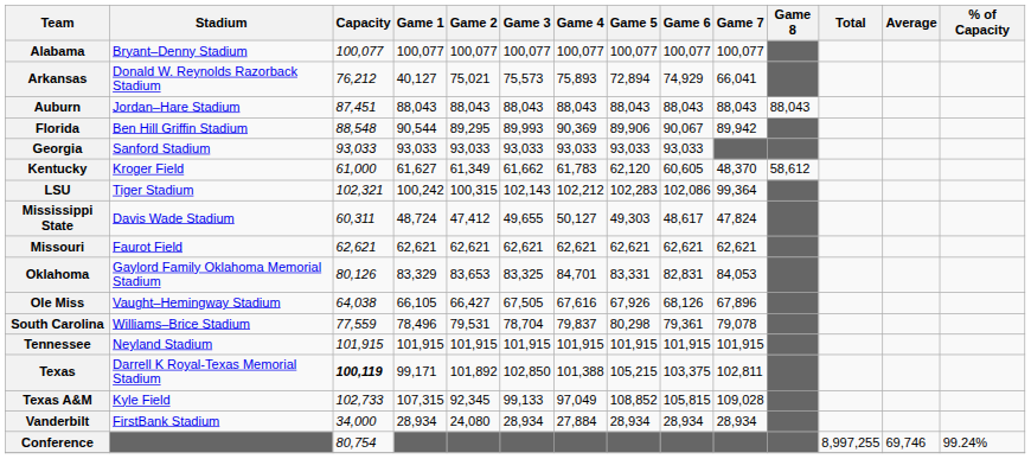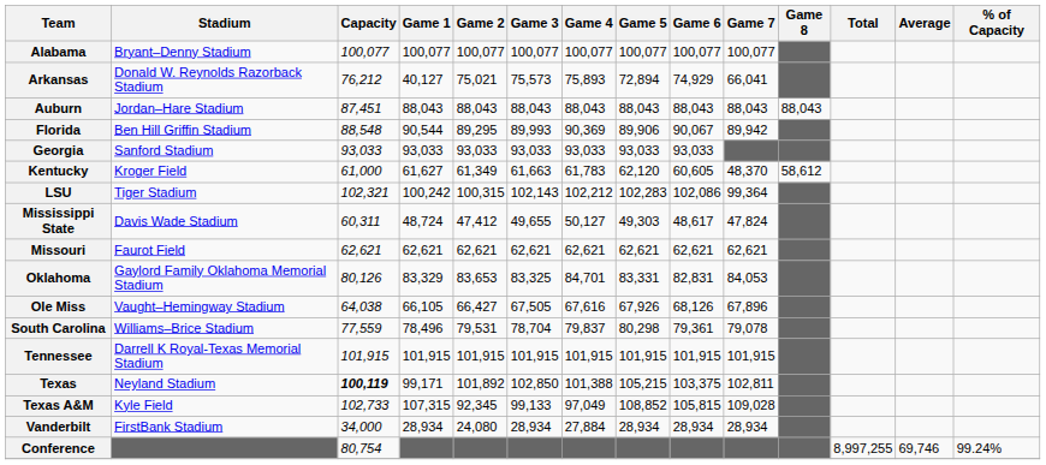 <table class="wikitable sortable">
 <tr>
 <th>Team</th>
 <th>Stadium</th>
 <th>Capacity</th>
 <th>Game 1</th>
 <th>Game 2</th>
 <th>Game 3</th>
 <th>Game 4</th>
 <th>Game 5</th>
 <th>Game 6</th>
 <th>Game 7</th>
 <th>Game 8</th>
 <th>Total</th>
 <th>Average</th>
 <th>% of Capacity</th>
 </tr>
 <tr>
 <th>Alabama</th>
 <td><a href='#'>Bryant–Denny Stadium</a></td>
 <td><em>100,077</em></td>
 <td>100,077</td>
 <td>100,077</td>
 <td>100,077</td>
 <td>100,077</td>
 <td>100,077</td>
 <td>100,077</td>
 <td>100,077</td>
 <td style="background:#666666;"></td>
 <td></td>
 <td></td>
 <td></td>
 </tr>
 <tr>
 <th>Arkansas</th>
 <td><a href='#'>Donald W. Reynolds Razorback Stadium</a></td>
 <td><em>76,212</em></td>
 <td>40,127</td>
 <td>75,021</td>
 <td>75,573</td>
 <td>75,893</td>
 <td>72,894</td>
 <td>74,929</td>
 <td>66,041</td>
 <td style="background:#666666;"></td>
 <td></td>
 <td></td>
 <td></td>
 </tr>
 <tr>
 <th>Auburn</th>
 <td><a href='#'>Jordan–Hare Stadium</a></td>
 <td><em>87,451</em></td>
 <td>88,043</td>
 <td>88,043</td>
 <td>88,043</td>
 <td>88,043</td>
 <td>88,043</td>
 <td>88,043</td>
 <td>88,043</td>
 <td>88,043</td>
 <td></td>
 <td></td>
 <td></td>
 </tr>
 <tr>
 <th>Florida</th>
 <td><a href='#'>Ben Hill Griffin Stadium</a></td>
 <td><em>88,548</em></td>
 <td>90,544</td>
 <td>89,295</td>
 <td>89,993</td>
 <td>90,369</td>
 <td>89,906</td>
 <td>90,067</td>
 <td>89,942</td>
 <td style="background:#666666;"></td>
 <td></td>
 <td></td>
 <td></td>
 </tr>
 <tr>
 <th>Georgia</th>
 <td><a href='#'>Sanford Stadium</a></td>
 <td><em>93,033</em></td>
 <td>93,033</td>
 <td>93,033</td>
 <td>93,033</td>
 <td>93,033</td>
 <td>93,033</td>
 <td>93,033</td>
 <td style="background:#666666;"></td>
 <td style="background:#666666;"></td>
 <td></td>
 <td></td>
 <td></td>
 </tr>
 <tr>
 <th>Kentucky</th>
 <td><a href='#'>Kroger Field</a></td>
 <td><em>61,000</em></td>
 <td>61,627</td>
 <td>61,349</td>
-<td>61,662</td>
+<td>61,663</td>
 <td>61,783</td>
 <td>62,120</td>
 <td>60,605</td>
 <td>48,370</td>
 <td>58,612</td>
 <td></td>
 <td></td>
 <td></td>
 </tr>
 <tr>
 <th>LSU</th>
 <td><a href='#'>Tiger Stadium</a></td>
 <td><em>102,321</em></td>
 <td>100,242</td>
 <td>100,315</td>
 <td>102,143</td>
 <td>102,212</td>
 <td>102,283</td>
 <td>102,086</td>
 <td>99,364</td>
 <td style="background:#666666;"></td>
 <td></td>
 <td></td>
 <td></td>
 </tr>
 <tr>
 <th>Mississippi State</th>
 <td><a href='#'>Davis Wade Stadium</a></td>
 <td><em>60,311</em></td>
 <td>48,724</td>
 <td>47,412</td>
 <td>49,655</td>
 <td>50,127</td>
 <td>49,303</td>
 <td>48,617</td>
 <td>47,824</td>
 <td style="background:#666666;"></td>
 <td></td>
 <td></td>
 <td></td>
 </tr>
 <tr>
 <th>Missouri</th>
 <td><a href='#'>Faurot Field</a></td>
 <td><em>62,621</em></td>
 <td>62,621</td>
 <td>62,621</td>
 <td>62,621</td>
 <td>62,621</td>
 <td>62,621</td>
 <td>62,621</td>
 <td>62,621</td>
 <td style="background:#666666;"></td>
 <td></td>
 <td></td>
 <td></td>
 </tr>
 <tr>
 <th>Oklahoma</th>
 <td><a href='#'>Gaylord Family Oklahoma Memorial Stadium</a></td>
 <td><em>80,126</em></td>
 <td>83,329</td>
 <td>83,653</td>
 <td>83,325</td>
 <td>84,701</td>
 <td>83,331</td>
 <td>82,831</td>
 <td>84,053</td>
 <td style="background:#666666;"></td>
 <td></td>
 <td></td>
 <td></td>
 </tr>
 <tr>
 <th>Ole Miss</th>
 <td><a href='#'>Vaught–Hemingway Stadium</a></td>
 <td><em>64,038</em></td>
 <td>66,105</td>
 <td>66,427</td>
 <td>67,505</td>
 <td>67,616</td>
 <td>67,926</td>
 <td>68,126</td>
 <td>67,896</td>
 <td style="background:#666666;"></td>
 <td></td>
 <td></td>
 <td></td>
 </tr>
 <tr>
 <th>South Carolina</th>
 <td><a href='#'>Williams–Brice Stadium</a></td>
 <td><em>77,559</em></td>
 <td>78,496</td>
 <td>79,531</td>
 <td>78,704</td>
 <td>79,837</td>
 <td>80,298</td>
 <td>79,361</td>
 <td>79,078</td>
 <td style="background:#666666;"></td>
 <td></td>
 <td></td>
 <td></td>
 </tr>
 <tr>
 <th>Tennessee</th>
-<td><a href='#'>Neyland Stadium</a></td>
+<td><a href='#'>Darrell K Royal-Texas Memorial Stadium</a></td>
 <td><em>101,915</em></td>
 <td>101,915</td>
 <td>101,915</td>
 <td>101,915</td>
 <td>101,915</td>
 <td>101,915</td>
 <td>101,915</td>
 <td>101,915</td>
 <td style="background:#666666;"></td>
 <td></td>
 <td></td>
 <td></td>
 </tr>
 <tr>
 <th>Texas</th>
-<td><a href='#'>Darrell K Royal-Texas Memorial Stadium</a></td>
+<td><a href='#'>Neyland Stadium</a></td>
 <td><strong><em>100,119</em></strong></td>
 <td>99,171</td>
 <td>101,892</td>
 <td>102,850</td>
 <td>101,388</td>
 <td>105,215</td>
 <td>103,375</td>
 <td>102,811</td>
 <td style="background:#666666;"></td>
 <td></td>
 <td></td>
 <td></td>
 </tr>
 <tr>
 <th>Texas A&M</th>
 <td><a href='#'>Kyle Field</a></td>
 <td><em>102,733</em></td>
 <td>107,315</td>
 <td>92,345</td>
 <td>99,133</td>
 <td>97,049</td>
 <td>108,852</td>
 <td>105,815</td>
 <td>109,028</td>
 <td style="background:#666666;"></td>
 <td></td>
 <td></td>
 <td></td>
 </tr>
 <tr>
 <th>Vanderbilt</th>
 <td><a href='#'>FirstBank Stadium</a></td>
 <td><em>34,000</em></td>
 <td>28,934</td>
 <td>24,080</td>
 <td>28,934</td>
 <td>27,884</td>
 <td>28,934</td>
 <td>28,934</td>
 <td>28,934</td>
 <td style="background:#666666;"></td>
 <td></td>
 <td></td>
 <td></td>
 </tr>
 <tr>
 <th><strong>Conference</strong></th>
 <td style="background:#666666;"></td>
 <td><em>80,754</em></td>
 <td style="background:#666666;"></td>
 <td style="background:#666666;"></td>
 <td style="background:#666666;"></td>
 <td style="background:#666666;"></td>
 <td style="background:#666666;"></td>
 <td style="background:#666666;"></td>
 <td style="background:#666666;"></td>
 <td style="background:#666666;"></td>
 <td>8,997,255</td>
 <td>69,746</td>
 <td>99.24%</td>
 </tr>
 <tr>
 </tr>
 </table>
